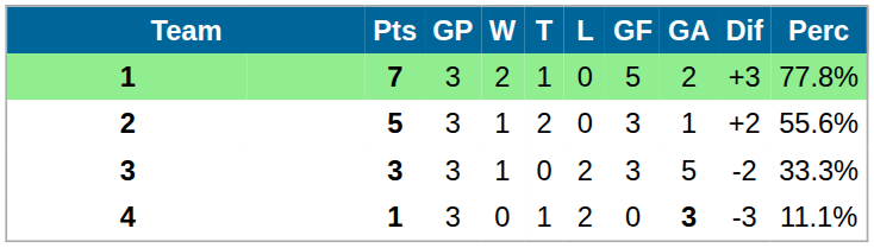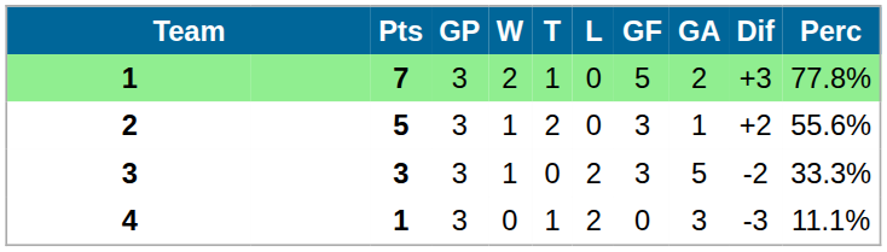 <table align=center cellpadding="4" cellspacing="0" style="background: #f9f9f9; border: 1px #aaa solid; border-collapse: collapse; font-size: 90%;" width=50%>
 <tr align=center bgcolor=#006699 style="color:white;">
 <th width=50% colspan=2>Team</th>
 <th width=5%>Pts</th>
 <th width=5%>GP</th>
 <th width=5%>W</th>
 <th width=5%>T</th>
 <th width=5%>L</th>
 <th width=5%>GF</th>
 <th width=5%>GA</th>
 <th width=5%>Dif</th>
 <th width=10%>Perc</th>
 </tr>
 <tr align=center bgcolor=lightgreen>
 <td><strong>1</strong></td>
 <td align=left></td>
 <td><strong>7</strong></td>
 <td>3</td>
 <td>2</td>
 <td>1</td>
 <td>0</td>
 <td>5</td>
 <td>2</td>
 <td>+3</td>
 <td>77.8%</td>
 </tr>
 <tr align=center bgcolor=#FFFFFF>
 <td><strong>2</strong></td>
 <td align=left></td>
 <td><strong>5</strong></td>
 <td>3</td>
 <td>1</td>
 <td>2</td>
 <td>0</td>
 <td>3</td>
 <td>1</td>
 <td>+2</td>
 <td>55.6%</td>
 </tr>
 <tr align=center bgcolor=#FFFFFF>
 <td><strong>3</strong></td>
 <td align=left></td>
 <td><strong>3</strong></td>
 <td>3</td>
 <td>1</td>
 <td>0</td>
 <td>2</td>
 <td>3</td>
 <td>5</td>
 <td>-2</td>
 <td>33.3%</td>
 </tr>
 <tr align=center bgcolor=#FFFFFF>
 <td><strong>4</strong></td>
 <td align=left></td>
 <td><strong>1</strong></td>
 <td>3</td>
 <td>0</td>
 <td>1</td>
 <td>2</td>
 <td>0</td>
-<td><strong>3</strong></td>
+<td>3</td>
 <td>-3</td>
 <td>11.1%</td>
 </tr>
 <tr align=center bgcolor=#FFFFFF>
 </tr>
 </table>
